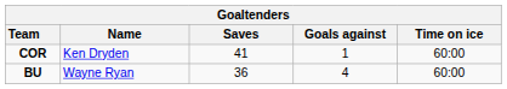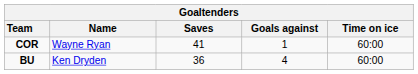 <table class="wikitable" style="width:40em; text-align:right;">
 <tr>
 <th colspan=5>Goaltenders</th>
 </tr>
 <tr>
 <th style="width:4em; text-align:left;">Team</th>
 <th style="width:10em;">Name</th>
 <th style="width:8em;">Saves</th>
 <th style="width:8em;">Goals against</th>
 <th style="width:8em;">Time on ice</th>
 </tr>
 <tr>
 <td align=center><strong>COR</strong></td>
-<td style="text-align:left;"><a href='#'>Ken Dryden</a></td>
+<td style="text-align:left;"><a href='#'>Wayne Ryan</a></td>
 <td align=center>41</td>
 <td align=center>1</td>
 <td align=center>60:00</td>
 </tr>
 <tr>
 <td align=center><strong>BU</strong></td>
-<td style="text-align:left;"><a href='#'>Wayne Ryan</a></td>
+<td style="text-align:left;"><a href='#'>Ken Dryden</a></td>
 <td align=center>36</td>
 <td align=center>4</td>
 <td align=center>60:00</td>
 </tr>
 </table>
